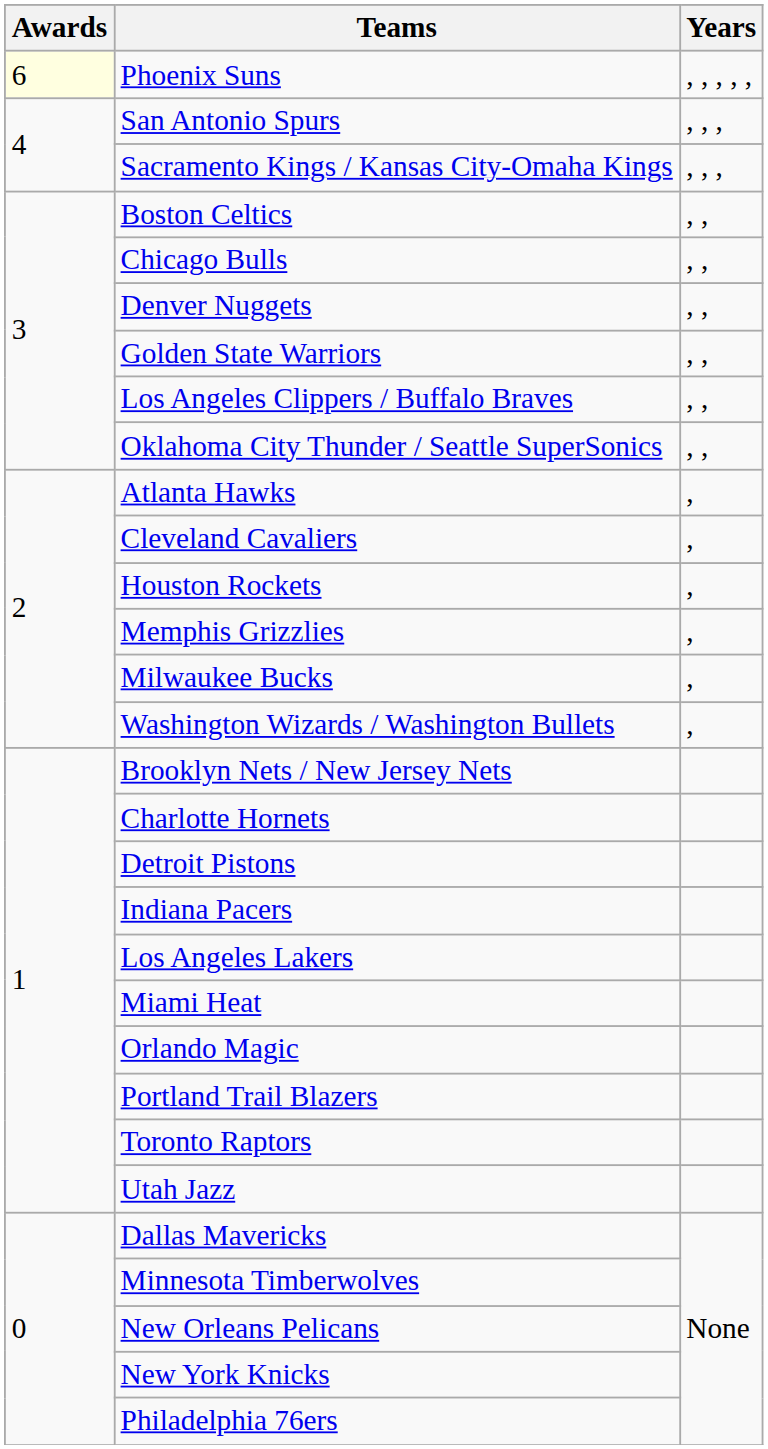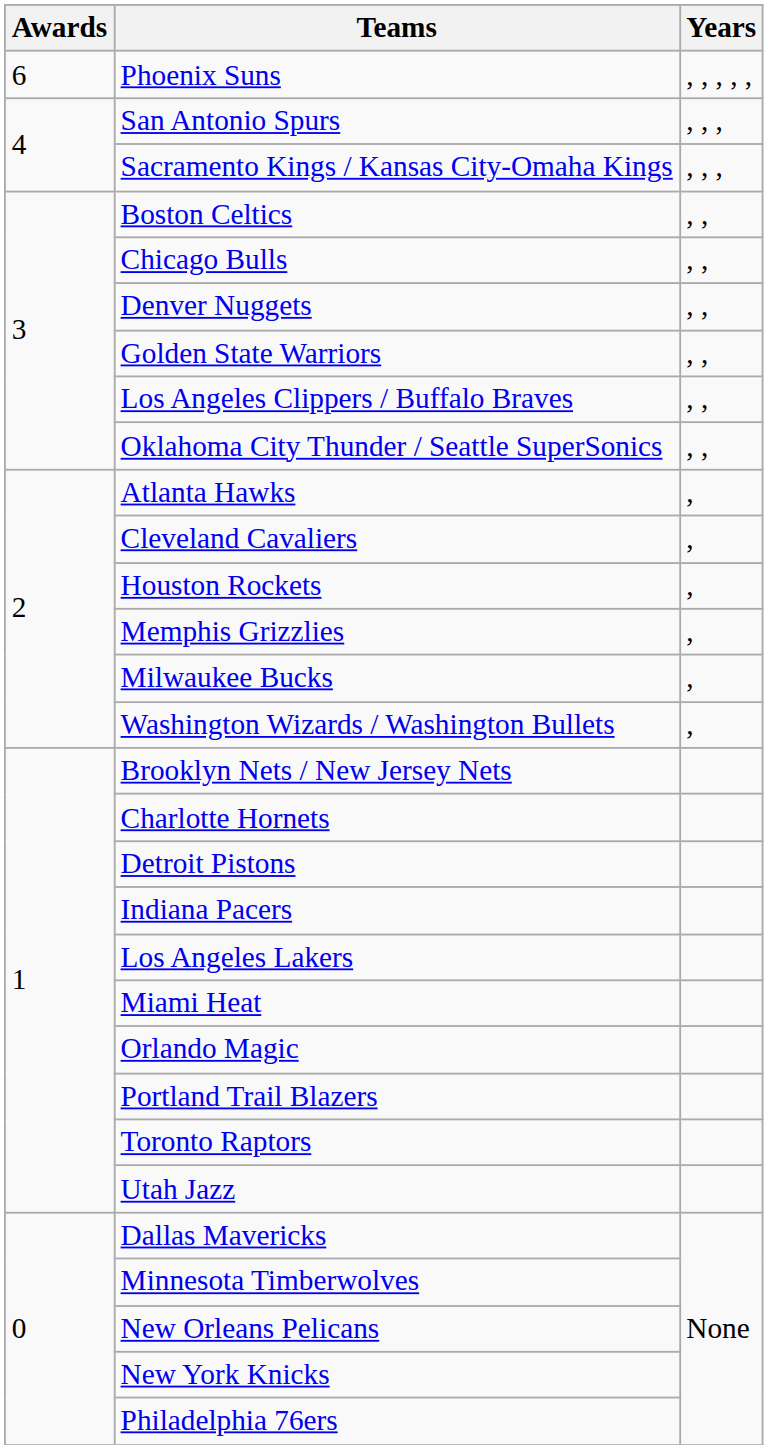 <table class="wikitable">
 <tr>
 <th>Awards</th>
 <th>Teams</th>
 <th>Years</th>
 </tr>
 <tr>
-<td style="background: lightyellow;">6</td>
+<td>6</td>
 <td><a href='#'>Phoenix Suns</a></td>
 <td>, , , , , </td>
 </tr>
 <tr>
 <td rowspan=2>4</td>
 <td><a href='#'>San Antonio Spurs</a></td>
 <td>, , , </td>
 </tr>
 <tr>
 <td><a href='#'>Sacramento Kings / Kansas City-Omaha Kings</a></td>
 <td>, , , </td>
 </tr>
 <tr>
 <td rowspan=6>3</td>
 <td><a href='#'>Boston Celtics</a></td>
 <td>, , </td>
 </tr>
 <tr>
 <td><a href='#'>Chicago Bulls</a></td>
 <td>, , </td>
 </tr>
 <tr>
 <td><a href='#'>Denver Nuggets</a></td>
 <td>, , </td>
 </tr>
 <tr>
 <td><a href='#'>Golden State Warriors</a></td>
 <td>, , </td>
 </tr>
 <tr>
 <td><a href='#'>Los Angeles Clippers / Buffalo Braves</a></td>
 <td>, , </td>
 </tr>
 <tr>
 <td><a href='#'>Oklahoma City Thunder / Seattle SuperSonics</a></td>
 <td>, , </td>
 </tr>
 <tr>
 <td rowspan=6>2</td>
 <td><a href='#'>Atlanta Hawks</a></td>
 <td>, </td>
 </tr>
 <tr>
 <td><a href='#'>Cleveland Cavaliers</a></td>
 <td>, </td>
 </tr>
 <tr>
 <td><a href='#'>Houston Rockets</a></td>
 <td>, </td>
 </tr>
 <tr>
 <td><a href='#'>Memphis Grizzlies</a></td>
 <td>, </td>
 </tr>
 <tr>
 <td><a href='#'>Milwaukee Bucks</a></td>
 <td>, </td>
 </tr>
 <tr>
 <td><a href='#'>Washington Wizards / Washington Bullets</a></td>
 <td>, </td>
 </tr>
 <tr>
 <td rowspan=10>1</td>
 <td><a href='#'>Brooklyn Nets / New Jersey Nets</a></td>
 <td></td>
 </tr>
 <tr>
 <td><a href='#'>Charlotte Hornets</a></td>
 <td></td>
 </tr>
 <tr>
 <td><a href='#'>Detroit Pistons</a></td>
 <td></td>
 </tr>
 <tr>
 <td><a href='#'>Indiana Pacers</a></td>
 <td></td>
 </tr>
 <tr>
 <td><a href='#'>Los Angeles Lakers</a></td>
 <td></td>
 </tr>
 <tr>
 <td><a href='#'>Miami Heat</a></td>
 <td></td>
 </tr>
 <tr>
 <td><a href='#'>Orlando Magic</a></td>
 <td></td>
 </tr>
 <tr>
 <td><a href='#'>Portland Trail Blazers</a></td>
 <td></td>
 </tr>
 <tr>
 <td><a href='#'>Toronto Raptors</a></td>
 <td></td>
 </tr>
 <tr>
 <td><a href='#'>Utah Jazz</a></td>
 <td></td>
 </tr>
 <tr>
 <td rowspan="5">0</td>
 <td><a href='#'>Dallas Mavericks</a></td>
 <td rowspan="5">None</td>
 </tr>
 <tr>
 <td><a href='#'>Minnesota Timberwolves</a></td>
 </tr>
 <tr>
 <td><a href='#'>New Orleans Pelicans</a></td>
 </tr>
 <tr>
 <td><a href='#'>New York Knicks</a></td>
 </tr>
 <tr>
 <td><a href='#'>Philadelphia 76ers</a></td>
 </tr>
 </table>
